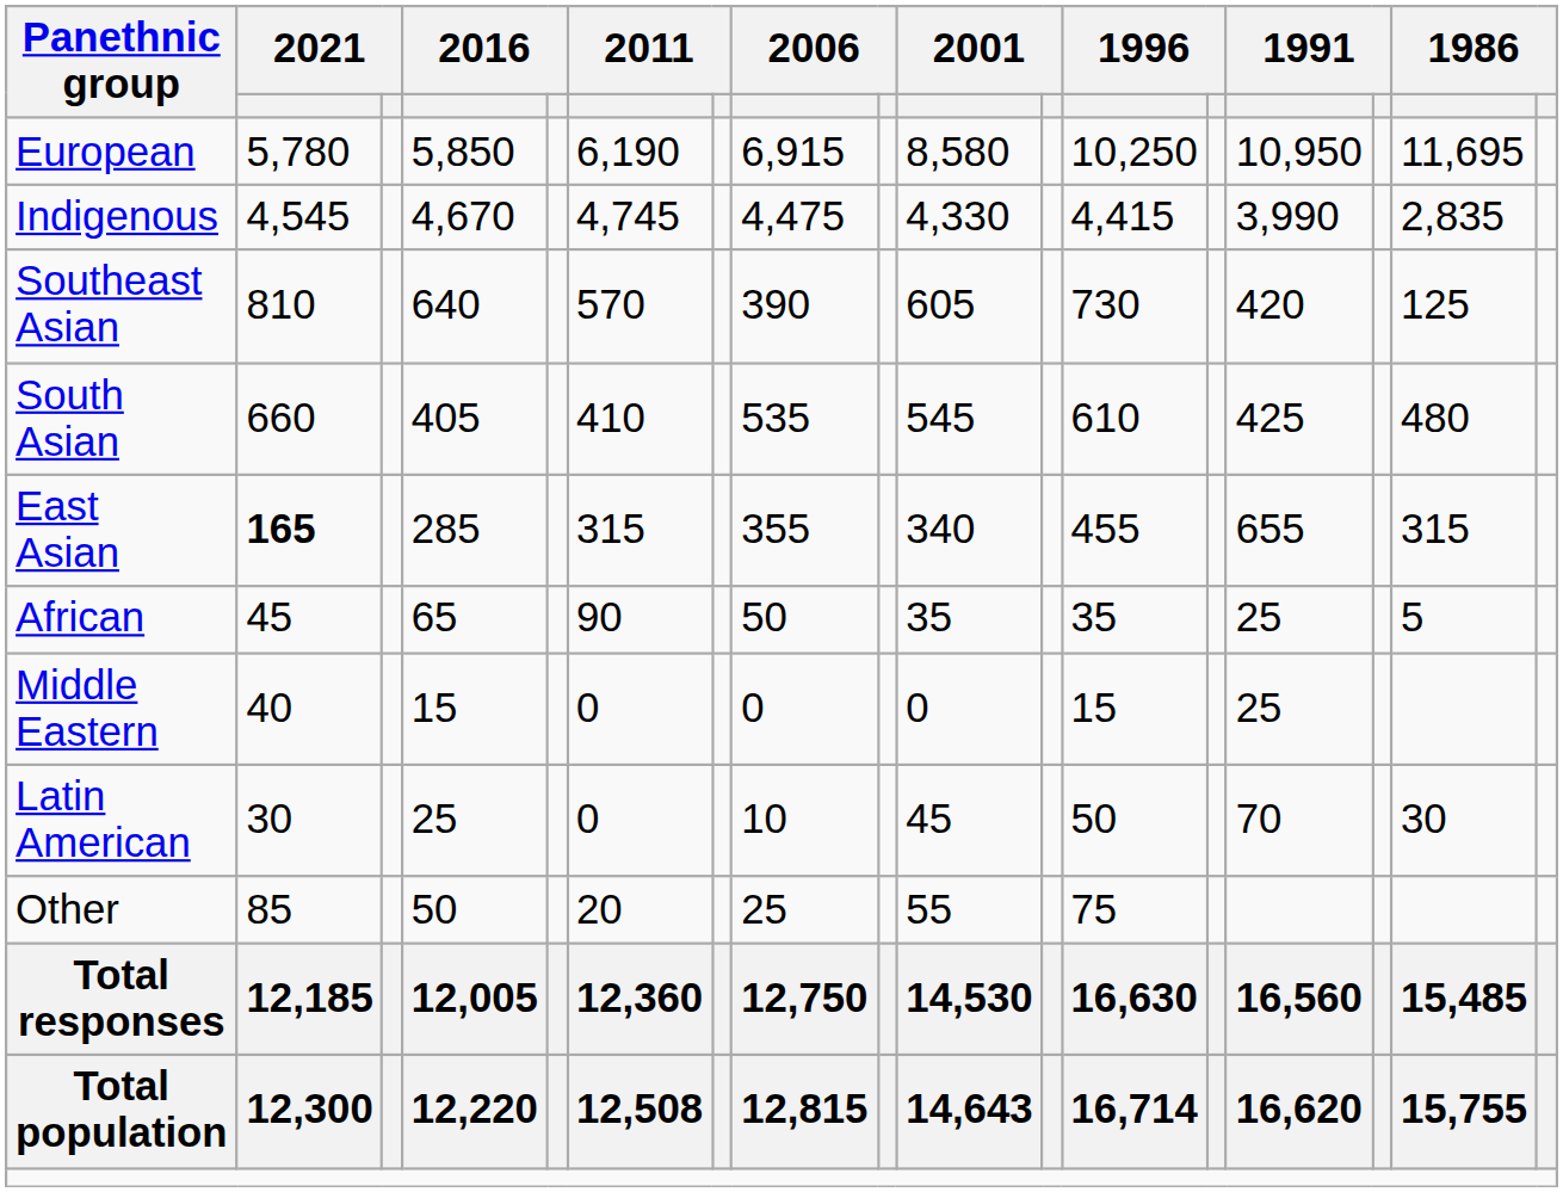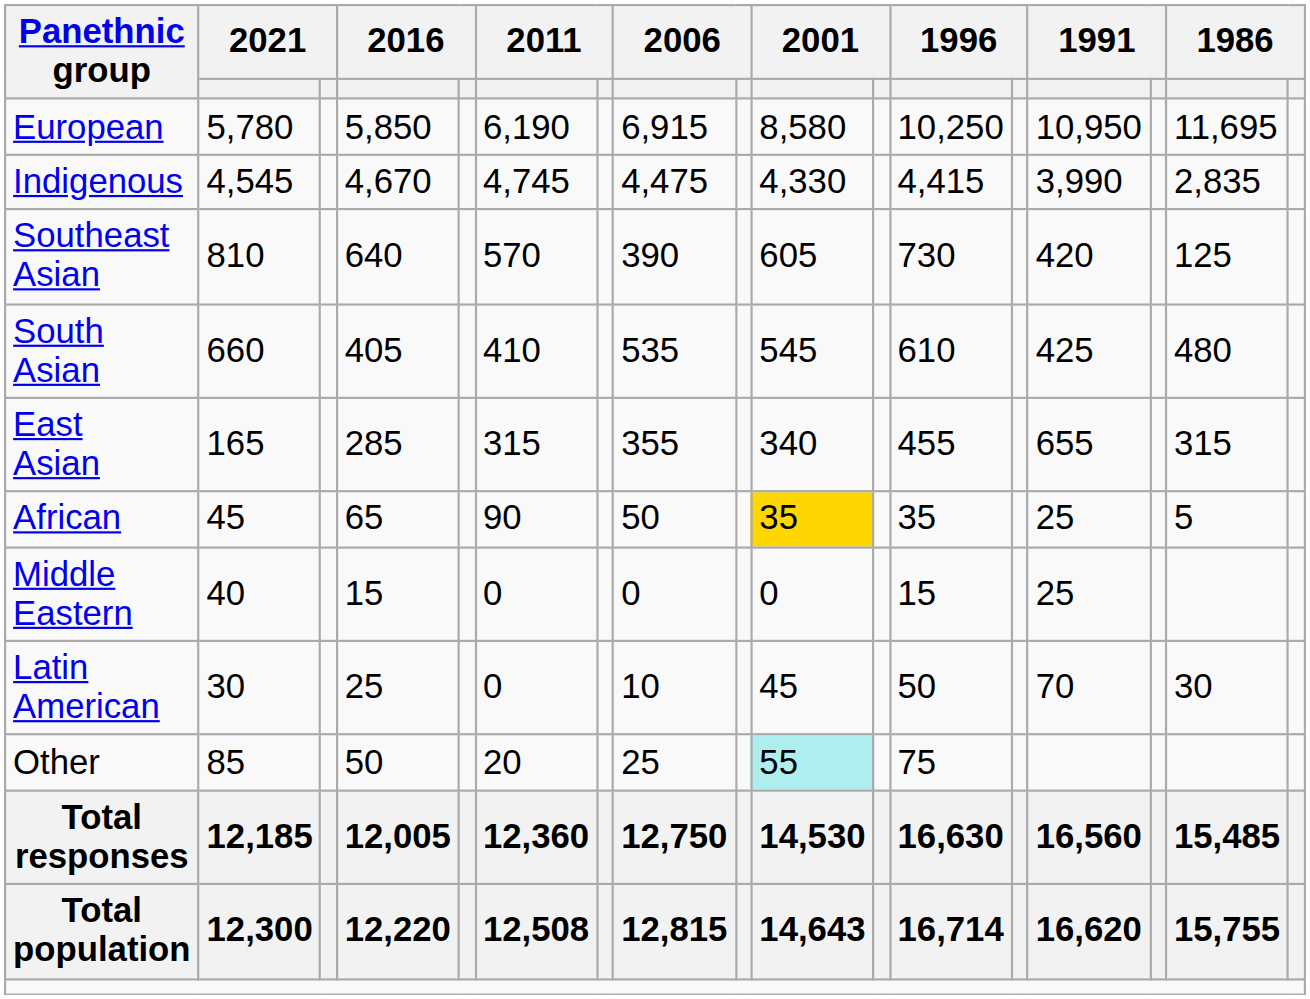 <table class="wikitable collapsible sortable">
 <tr>
 <th rowspan="2"><a href='#'>Panethnic</a><br>group</th>
 <th colspan="2">2021</th>
 <th colspan="2">2016</th>
 <th colspan="2">2011</th>
 <th colspan="2">2006</th>
 <th colspan="2">2001</th>
 <th colspan="2">1996</th>
 <th colspan="2">1991</th>
 <th colspan="2">1986</th>
 </tr>
 <tr>
 <th><a href='#'></a></th>
 <th></th>
 <th></th>
 <th></th>
 <th></th>
 <th></th>
 <th></th>
 <th></th>
 <th></th>
 <th></th>
 <th></th>
 <th></th>
 <th></th>
 <th></th>
 <th></th>
 <th></th>
 </tr>
 <tr>
 <td><a href='#'>European</a></td>
 <td>5,780</td>
 <td></td>
 <td>5,850</td>
 <td></td>
 <td>6,190</td>
 <td></td>
 <td>6,915</td>
 <td></td>
 <td>8,580</td>
 <td></td>
 <td>10,250</td>
 <td></td>
 <td>10,950</td>
 <td></td>
 <td>11,695</td>
 <td></td>
 </tr>
 <tr>
 <td><a href='#'>Indigenous</a></td>
 <td>4,545</td>
 <td></td>
 <td>4,670</td>
 <td></td>
 <td>4,745</td>
 <td></td>
 <td>4,475</td>
 <td></td>
 <td>4,330</td>
 <td></td>
 <td>4,415</td>
 <td></td>
 <td>3,990</td>
 <td></td>
 <td>2,835</td>
 <td></td>
 </tr>
 <tr>
 <td><a href='#'>Southeast<br>Asian</a></td>
 <td>810</td>
 <td></td>
 <td>640</td>
 <td></td>
 <td>570</td>
 <td></td>
 <td>390</td>
 <td></td>
 <td>605</td>
 <td></td>
 <td>730</td>
 <td></td>
 <td>420</td>
 <td></td>
 <td>125</td>
 <td></td>
 </tr>
 <tr>
 <td><a href='#'>South<br>Asian</a></td>
 <td>660</td>
 <td></td>
 <td>405</td>
 <td></td>
 <td>410</td>
 <td></td>
 <td>535</td>
 <td></td>
 <td>545</td>
 <td></td>
 <td>610</td>
 <td></td>
 <td>425</td>
 <td></td>
 <td>480</td>
 <td></td>
 </tr>
 <tr>
 <td><a href='#'>East<br>Asian</a></td>
-<td><strong>165</strong></td>
+<td>165</td>
 <td></td>
 <td>285</td>
 <td></td>
 <td>315</td>
 <td></td>
 <td>355</td>
 <td></td>
 <td>340</td>
 <td></td>
 <td>455</td>
 <td></td>
 <td>655</td>
 <td></td>
 <td>315</td>
 <td></td>
 </tr>
 <tr>
 <td><a href='#'>African</a></td>
 <td>45</td>
 <td></td>
 <td>65</td>
 <td></td>
 <td>90</td>
 <td></td>
 <td>50</td>
 <td></td>
-<td>35</td>
+<td style="background: gold;">35</td>
 <td></td>
 <td>35</td>
 <td></td>
 <td>25</td>
 <td></td>
 <td>5</td>
 <td></td>
 </tr>
 <tr>
 <td><a href='#'>Middle<br>Eastern</a></td>
 <td>40</td>
 <td></td>
 <td>15</td>
 <td></td>
 <td>0</td>
 <td></td>
 <td>0</td>
 <td></td>
 <td>0</td>
 <td></td>
 <td>15</td>
 <td></td>
 <td>25</td>
 <td></td>
 <td></td>
 <td></td>
 </tr>
 <tr>
 <td><a href='#'>Latin<br>American</a></td>
 <td>30</td>
 <td></td>
 <td>25</td>
 <td></td>
 <td>0</td>
 <td></td>
 <td>10</td>
 <td></td>
 <td>45</td>
 <td></td>
 <td>50</td>
 <td></td>
 <td>70</td>
 <td></td>
 <td>30</td>
 <td></td>
 </tr>
 <tr>
 <td>Other</td>
 <td>85</td>
 <td></td>
 <td>50</td>
 <td></td>
 <td>20</td>
 <td></td>
 <td>25</td>
 <td></td>
-<td>55</td>
+<td style="background: paleturquoise;">55</td>
 <td></td>
 <td>75</td>
 <td></td>
 <td></td>
 <td></td>
 <td></td>
 <td></td>
 </tr>
 <tr>
 <th>Total<br>responses</th>
 <th>12,185</th>
 <th></th>
 <th>12,005</th>
 <th></th>
 <th>12,360</th>
 <th></th>
 <th>12,750</th>
 <th></th>
 <th>14,530</th>
 <th></th>
 <th>16,630</th>
 <th></th>
 <th>16,560</th>
 <th></th>
 <th>15,485</th>
 <th></th>
 </tr>
 <tr>
 <th>Total<br>population</th>
 <th>12,300</th>
 <th></th>
 <th>12,220</th>
 <th></th>
 <th>12,508</th>
 <th></th>
 <th>12,815</th>
 <th></th>
 <th>14,643</th>
 <th></th>
 <th>16,714</th>
 <th></th>
 <th>16,620</th>
 <th></th>
 <th>15,755</th>
 <th></th>
 </tr>
 <tr class="sortbottom">
 <td colspan="20"></td>
 </tr>
 </table>
